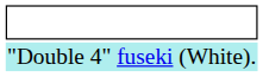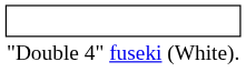 <table style="margin:1em;">
 <tr>
 <td style="border: solid thin; padding: 2px;"><br></td>
 </tr>
 <tr>
-<td style="background: paleturquoise; text-align:center">"Double 4" <a href='#'>fuseki</a> (White).</td>
+<td style="text-align:center">"Double 4" <a href='#'>fuseki</a> (White).</td>
 </tr>
 </table>
